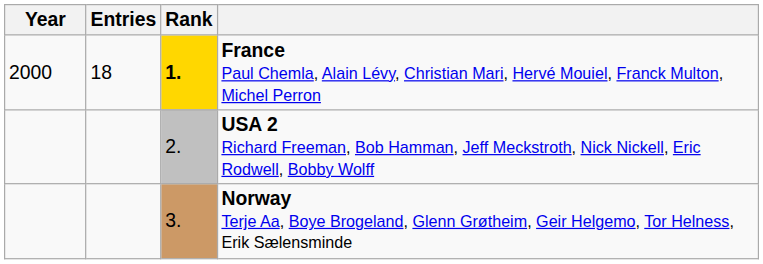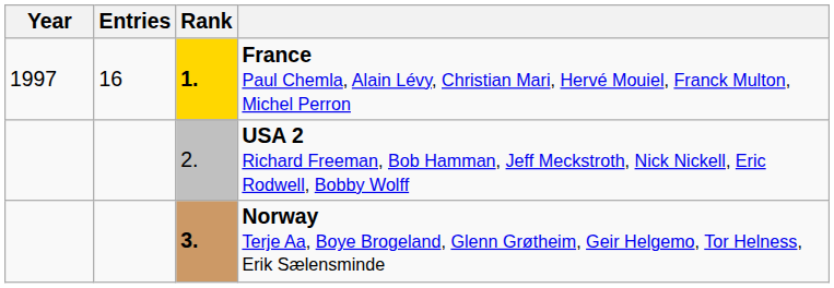 <table class="wikitable" style="width:100%;">
 <tr>
 <th>Year</th>
 <th>Entries</th>
 <th>Rank</th>
 <th></th>
 </tr>
 <tr>
-<td width = 60>2000</td>
-<td>18</td>
+<td width = 60>1997</td>
+<td>16</td>
 <td style="background:gold; width:30px;"><strong>1.</strong></td>
 <td> <strong>France</strong><br><small><a href='#'>Paul Chemla</a>, <a href='#'>Alain Lévy</a>, <a href='#'>Christian Mari</a>, <a href='#'>Hervé Mouiel</a>, <a href='#'>Franck Multon</a>, <a href='#'>Michel Perron</a></small></td>
 </tr>
 <tr>
 <td></td>
 <td></td>
 <td style="background:silver;">2.</td>
 <td> <strong>USA 2</strong> <br><small><a href='#'>Richard Freeman</a>, <a href='#'>Bob Hamman</a>, <a href='#'>Jeff Meckstroth</a>, <a href='#'>Nick Nickell</a>, <a href='#'>Eric Rodwell</a>, <a href='#'>Bobby Wolff</a></small></td>
 </tr>
 <tr>
 <td></td>
 <td></td>
-<td style="background:#c96;">3.</td>
+<td style="background:#c96;"><strong>3.</strong></td>
 <td> <strong>Norway</strong><br><small><a href='#'>Terje Aa</a>, <a href='#'>Boye Brogeland</a>, <a href='#'>Glenn Grøtheim</a>, <a href='#'>Geir Helgemo</a>, <a href='#'>Tor Helness</a>, Erik Sælensminde</small></td>
 </tr>
 </table>
